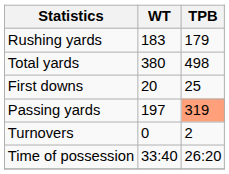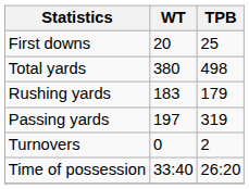 <table class="wikitable" style="float: left;">
 <tr>
 <th>Statistics</th>
 <th>WT</th>
 <th>TPB</th>
 </tr>
 <tr>
-<td>Rushing yards</td>
-<td>183</td>
-<td>179</td>
+<td>First downs</td>
+<td>20</td>
+<td>25</td>
 </tr>
 <tr>
 <td>Total yards</td>
 <td>380</td>
 <td>498</td>
 </tr>
 <tr>
-<td>First downs</td>
-<td>20</td>
-<td>25</td>
+<td>Rushing yards</td>
+<td>183</td>
+<td>179</td>
 </tr>
 <tr>
 <td>Passing yards</td>
 <td>197</td>
-<td style="background: lightsalmon;">319</td>
+<td>319</td>
 </tr>
 <tr>
 <td>Turnovers</td>
 <td>0</td>
 <td>2</td>
 </tr>
 <tr>
 <td>Time of possession</td>
 <td>33:40</td>
 <td>26:20</td>
 </tr>
 <tr>
 </tr>
 </table>
